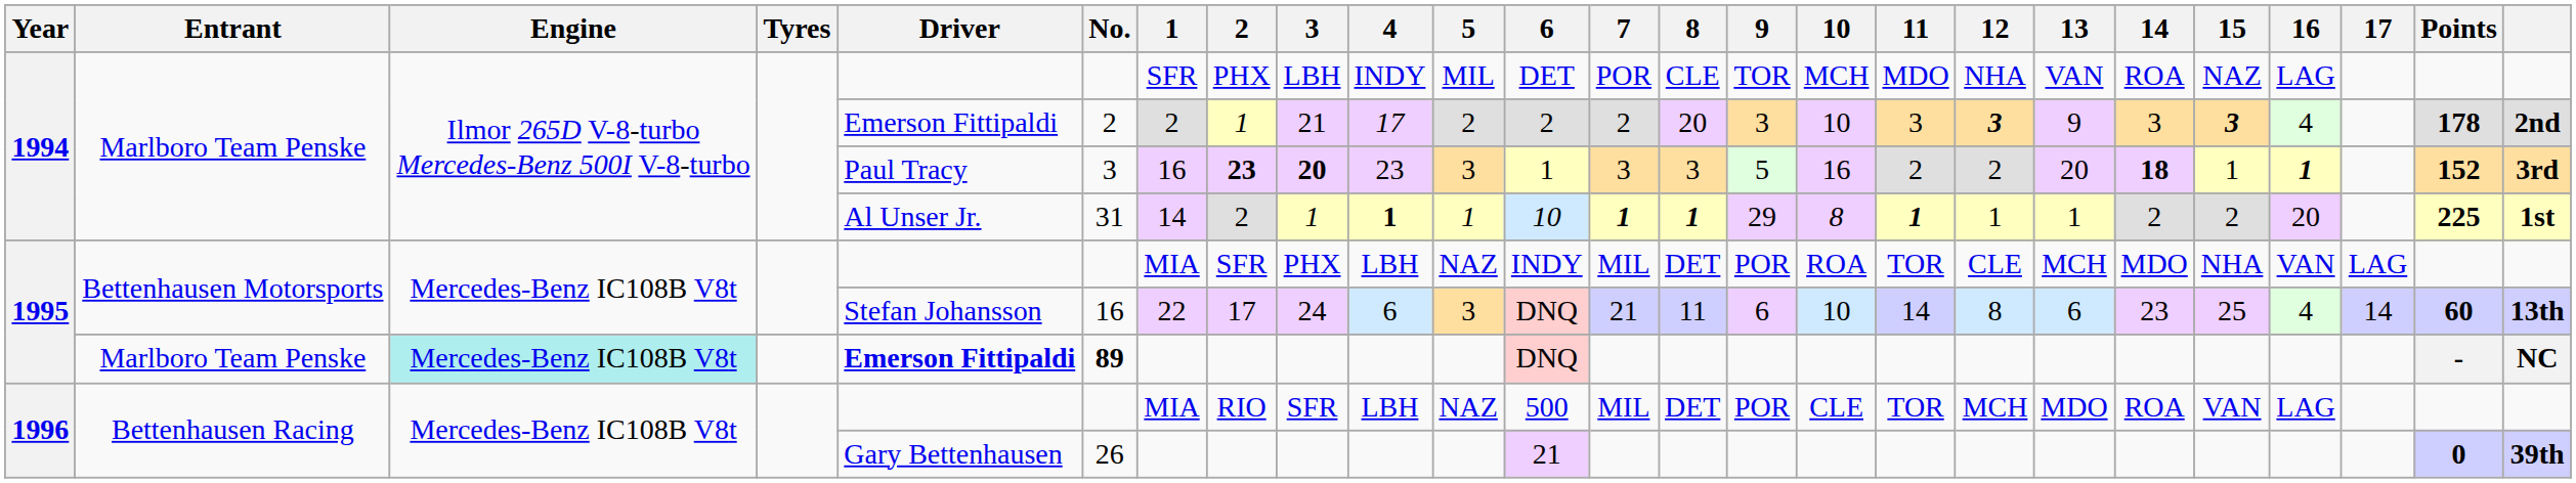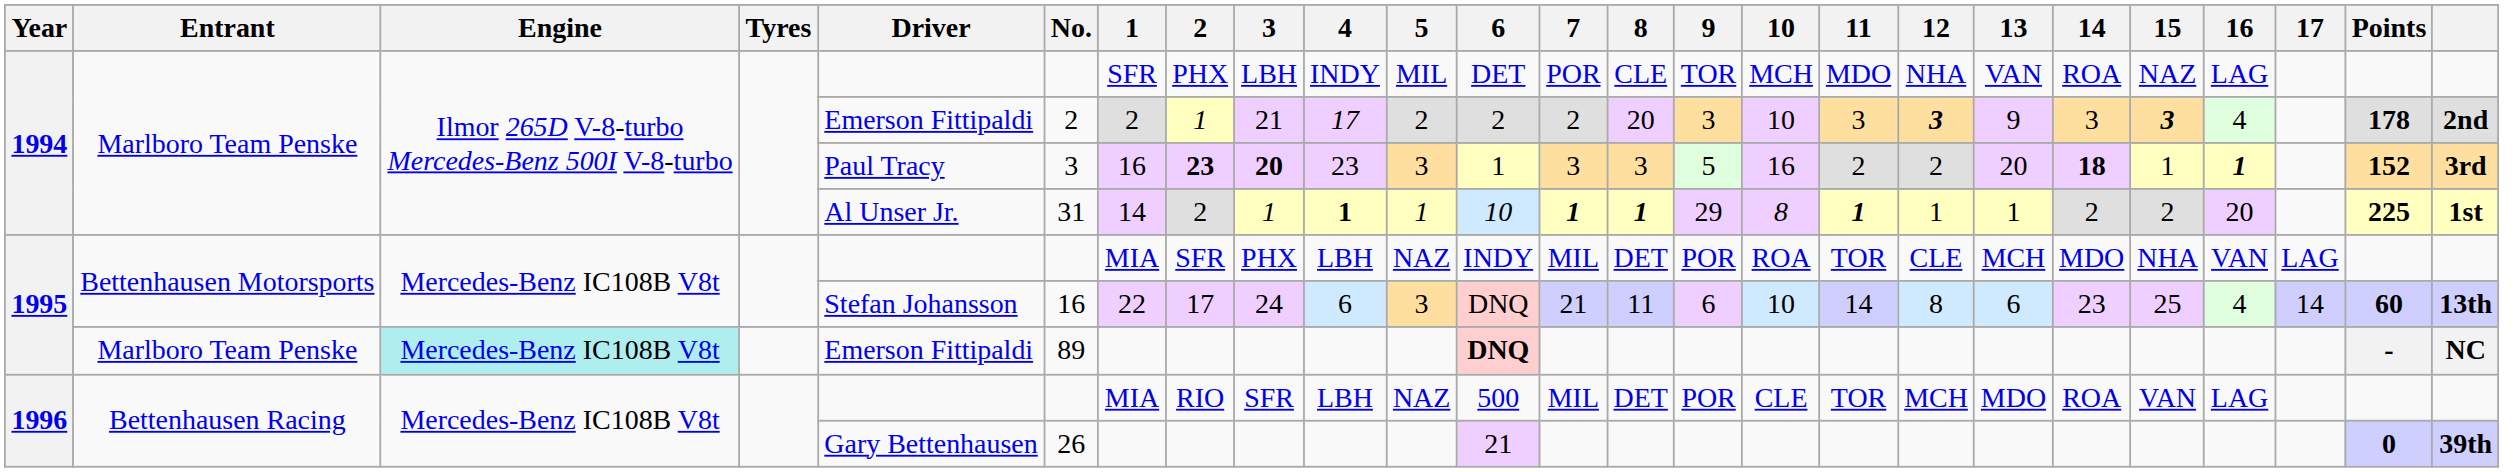 <table class="wikitable" style="text-align:center; font-size:95%">
 <tr>
 <th>Year</th>
 <th>Entrant</th>
 <th>Engine</th>
 <th>Tyres</th>
 <th>Driver</th>
 <th>No.</th>
 <th>1</th>
 <th>2</th>
 <th>3</th>
 <th>4</th>
 <th>5</th>
 <th>6</th>
 <th>7</th>
 <th>8</th>
 <th>9</th>
 <th>10</th>
 <th>11</th>
 <th>12</th>
 <th>13</th>
 <th>14</th>
 <th>15</th>
 <th>16</th>
 <th>17</th>
 <th>Points</th>
 <th></th>
 </tr>
 <tr>
 <th rowspan="4"><a href='#'>1994</a></th>
 <td rowspan="4"><a href='#'>Marlboro Team Penske</a></td>
 <td rowspan="4"><a href='#'>Ilmor</a> <em><a href='#'>265D</a></em> <a href='#'>V-8</a>-<a href='#'>turbo</a><br><em><a href='#'>Mercedes-Benz 500I</a></em> <a href='#'>V-8</a>-<a href='#'>turbo</a></td>
 <td rowspan="4"></td>
 <td></td>
 <td></td>
 <td><a href='#'>SFR</a></td>
 <td><a href='#'>PHX</a></td>
 <td><a href='#'>LBH</a></td>
 <td><a href='#'>INDY</a></td>
 <td><a href='#'>MIL</a></td>
 <td><a href='#'>DET</a></td>
 <td><a href='#'>POR</a></td>
 <td><a href='#'>CLE</a></td>
 <td><a href='#'>TOR</a></td>
 <td><a href='#'>MCH</a></td>
 <td><a href='#'>MDO</a></td>
 <td><a href='#'>NHA</a></td>
 <td><a href='#'>VAN</a></td>
 <td><a href='#'>ROA</a></td>
 <td><a href='#'>NAZ</a></td>
 <td><a href='#'>LAG</a></td>
 <td></td>
 <td></td>
 <td></td>
 </tr>
 <tr>
 <td align="left"> <a href='#'>Emerson Fittipaldi</a></td>
 <td>2</td>
 <td style="background:#dfdfdf;">2</td>
 <td style="background:#ffffbf;"><em>1</em></td>
 <td style="background:#efcfff;">21</td>
 <td style="background:#efcfff;"><em>17</em></td>
 <td style="background:#dfdfdf;">2</td>
 <td style="background:#dfdfdf;">2</td>
 <td style="background:#dfdfdf;">2</td>
 <td style="background:#efcfff;">20</td>
 <td style="background:#ffdf9f;">3</td>
 <td style="background:#efcfff;">10</td>
 <td style="background:#ffdf9f;">3</td>
 <td style="background:#ffdf9f;"><strong><em>3</em></strong></td>
 <td style="background:#efcfff;">9</td>
 <td style="background:#ffdf9f;">3</td>
 <td style="background:#ffdf9f;"><strong><em>3</em></strong></td>
 <td style="background:#dfffdf;">4</td>
 <td></td>
 <td style="background:#dfdfdf;"><strong>178</strong></td>
 <td style="background:#dfdfdf;"><strong>2nd</strong></td>
 </tr>
 <tr>
 <td align="left"> <a href='#'>Paul Tracy</a></td>
 <td>3</td>
 <td style="background:#efcfff;">16</td>
 <td style="background:#efcfff;"><strong>23</strong></td>
 <td style="background:#efcfff;"><strong>20</strong></td>
 <td style="background:#efcfff;">23</td>
 <td style="background:#ffdf9f;">3</td>
 <td style="background:#ffffbf;">1</td>
 <td style="background:#ffdf9f;">3</td>
 <td style="background:#ffdf9f;">3</td>
 <td style="background:#dfffdf;">5</td>
 <td style="background:#efcfff;">16</td>
 <td style="background:#dfdfdf;">2</td>
 <td style="background:#dfdfdf;">2</td>
 <td style="background:#efcfff;">20</td>
 <td style="background:#efcfff;"><strong>18</strong></td>
 <td style="background:#ffffbf;">1</td>
 <td style="background:#ffffbf;"><strong><em>1</em></strong></td>
 <td></td>
 <td style="background:#ffdf9f;"><strong>152</strong></td>
 <td style="background:#ffdf9f;"><strong>3rd</strong></td>
 </tr>
 <tr>
 <td align="left"> <a href='#'>Al Unser Jr.</a></td>
 <td>31</td>
 <td style="background:#efcfff;">14</td>
 <td style="background:#dfdfdf;">2</td>
 <td style="background:#ffffbf;"><em>1</em></td>
 <td style="background:#ffffbf;"><strong>1</strong></td>
 <td style="background:#ffffbf;"><em>1</em></td>
 <td style="background:#CFEAFF;"><em>10</em></td>
 <td style="background:#ffffbf;"><strong><em>1</em></strong></td>
 <td style="background:#ffffbf;"><strong><em>1</em></strong></td>
 <td style="background:#efcfff;">29</td>
 <td style="background:#efcfff;"><em>8</em></td>
 <td style="background:#ffffbf;"><strong><em>1</em></strong></td>
 <td style="background:#ffffbf;">1</td>
 <td style="background:#ffffbf;">1</td>
 <td style="background:#dfdfdf;">2</td>
 <td style="background:#dfdfdf;">2</td>
 <td style="background:#efcfff;">20</td>
 <td></td>
 <td style="background:#ffffbf;"><strong>225</strong></td>
 <td style="background:#ffffbf;"><strong>1st</strong></td>
 </tr>
 <tr>
 <th rowspan="3"><a href='#'>1995</a></th>
 <td rowspan="2"><a href='#'>Bettenhausen Motorsports</a></td>
 <td rowspan="2"><a href='#'>Mercedes-Benz</a> IC108B <a href='#'>V8</a><a href='#'>t</a></td>
 <td rowspan="2"></td>
 <td></td>
 <td></td>
 <td><a href='#'>MIA</a></td>
 <td><a href='#'>SFR</a></td>
 <td><a href='#'>PHX</a></td>
 <td><a href='#'>LBH</a></td>
 <td><a href='#'>NAZ</a></td>
 <td><a href='#'>INDY</a></td>
 <td><a href='#'>MIL</a></td>
 <td><a href='#'>DET</a></td>
 <td><a href='#'>POR</a></td>
 <td><a href='#'>ROA</a></td>
 <td><a href='#'>TOR</a></td>
 <td><a href='#'>CLE</a></td>
 <td><a href='#'>MCH</a></td>
 <td><a href='#'>MDO</a></td>
 <td><a href='#'>NHA</a></td>
 <td><a href='#'>VAN</a></td>
 <td><a href='#'>LAG</a></td>
 <td></td>
 </tr>
 <tr>
 <td align="left"> <a href='#'>Stefan Johansson</a></td>
 <td>16</td>
 <td style="background:#EFCFFF;">22</td>
 <td style="background:#EFCFFF;">17</td>
 <td style="background:#EFCFFF;">24</td>
 <td style="background:#CFEAFF;">6</td>
 <td style="background:#ffdf9f;">3</td>
 <td style="background:#ffcfcf;">DNQ</td>
 <td style="background:#cfcfff;">21</td>
 <td style="background:#cfcfff;">11</td>
 <td style="background:#EFCFFF;">6</td>
 <td style="background:#CFEAFF;">10</td>
 <td style="background:#cfcfff;">14</td>
 <td style="background:#CFEAFF;">8</td>
 <td style="background:#CFEAFF;">6</td>
 <td style="background:#EFCFFF;">23</td>
 <td style="background:#EFCFFF;">25</td>
 <td style="background:#dfffdf;">4</td>
 <td style="background:#cfcfff;">14</td>
 <td style="background:#cfcfff;"><strong>60</strong></td>
 <td style="background:#cfcfff;"><strong>13th</strong></td>
 </tr>
 <tr>
 <td><a href='#'>Marlboro Team Penske</a></td>
 <td style="background: paleturquoise;"><a href='#'>Mercedes-Benz</a> IC108B <a href='#'>V8</a><a href='#'>t</a></td>
 <td></td>
-<td align="left"><strong> <a href='#'>Emerson Fittipaldi</a> </strong></td>
-<td><strong>89</strong></td>
+<td align="left"> <a href='#'>Emerson Fittipaldi</a> </td>
+<td>89</td>
 <td></td>
 <td></td>
 <td></td>
 <td></td>
 <td></td>
-<td style="background:#ffcfcf;">DNQ</td>
+<td style="background:#ffcfcf;"><strong>DNQ</strong></td>
 <td></td>
 <td></td>
 <td></td>
 <td></td>
 <td></td>
 <td></td>
 <td></td>
 <td></td>
 <td></td>
 <td></td>
 <td></td>
 <th>- </th>
 <th>NC </th>
 </tr>
 <tr>
 <th rowspan="2"><a href='#'>1996</a></th>
 <td rowspan="2"><a href='#'>Bettenhausen Racing</a></td>
 <td rowspan="2"><a href='#'>Mercedes-Benz</a> IC108B <a href='#'>V8</a><a href='#'>t</a></td>
 <td rowspan="2"></td>
 <td></td>
 <td></td>
 <td><a href='#'>MIA</a></td>
 <td><a href='#'>RIO</a></td>
 <td><a href='#'>SFR</a></td>
 <td><a href='#'>LBH</a></td>
 <td><a href='#'>NAZ</a></td>
 <td><a href='#'>500</a></td>
 <td><a href='#'>MIL</a></td>
 <td><a href='#'>DET</a></td>
 <td><a href='#'>POR</a></td>
 <td><a href='#'>CLE</a></td>
 <td><a href='#'>TOR</a></td>
 <td><a href='#'>MCH</a></td>
 <td><a href='#'>MDO</a></td>
 <td><a href='#'>ROA</a></td>
 <td><a href='#'>VAN</a></td>
 <td><a href='#'>LAG</a></td>
 <td></td>
 <td></td>
 </tr>
 <tr>
 <td align="left"> <a href='#'>Gary Bettenhausen</a></td>
 <td>26</td>
 <td></td>
 <td></td>
 <td></td>
 <td></td>
 <td></td>
 <td style="background:#efcfff;">21</td>
 <td></td>
 <td></td>
 <td></td>
 <td></td>
 <td></td>
 <td></td>
 <td></td>
 <td></td>
 <td></td>
 <td></td>
 <td></td>
 <td style="background:#cfcfff;"><strong>0</strong></td>
 <td style="background:#cfcfff;"><strong>39th</strong></td>
 </tr>
 </table>
